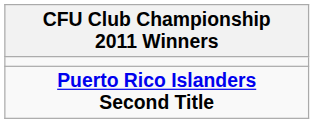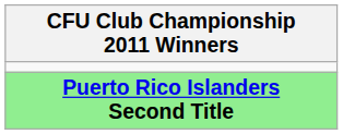 <table class="wikitable" style="text-align: center; margin: 0 auto; width: 20%">
 <tr>
 <th>CFU Club Championship<br>2011 Winners</th>
 </tr>
 <tr>
 <td></td>
 </tr>
 <tr>
-<td><strong><a href='#'>Puerto Rico Islanders</a></strong><br><strong>Second Title</strong></td>
+<td style="background: lightgreen;"><strong><a href='#'>Puerto Rico Islanders</a></strong><br><strong>Second Title</strong></td>
 </tr>
 </table>
